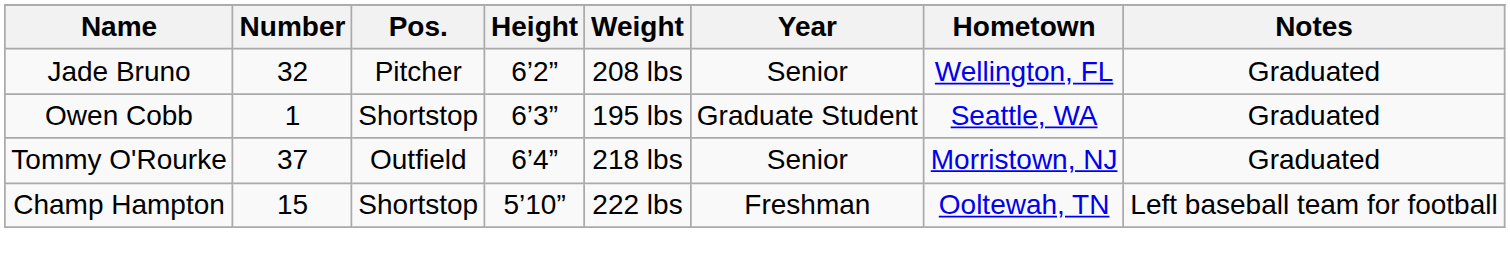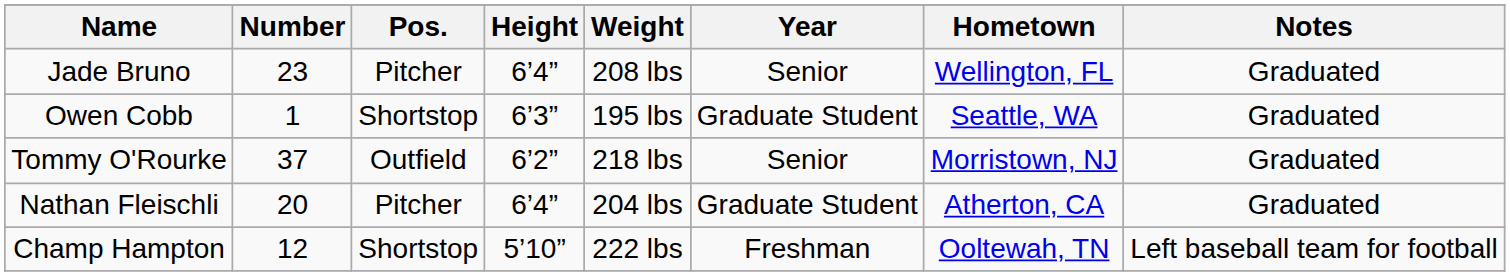 <table class="wikitable sortable">
 <tr>
 </tr>
 <tr>
 <th>Name</th>
 <th>Number</th>
 <th>Pos.</th>
 <th>Height</th>
 <th>Weight</th>
 <th>Year</th>
 <th>Hometown</th>
 <th>Notes</th>
 </tr>
 <tr align="center">
 <td>Jade Bruno</td>
-<td>32</td>
+<td>23</td>
 <td>Pitcher</td>
-<td>6’2”</td>
+<td>6’4”</td>
 <td>208 lbs</td>
 <td>Senior</td>
 <td><a href='#'>Wellington, FL</a></td>
 <td>Graduated</td>
 </tr>
 <tr align="center">
 <td>Owen Cobb</td>
 <td>1</td>
 <td>Shortstop</td>
 <td>6’3”</td>
 <td>195 lbs</td>
 <td>Graduate Student</td>
 <td><a href='#'>Seattle, WA</a></td>
 <td>Graduated</td>
 </tr>
 <tr align="center">
 <td>Tommy O'Rourke</td>
 <td>37</td>
 <td>Outfield</td>
-<td>6’4”</td>
+<td>6’2”</td>
 <td>218 lbs</td>
 <td>Senior</td>
 <td><a href='#'>Morristown, NJ</a></td>
 <td>Graduated</td>
 </tr>
 <tr align="center">
+<td>Nathan Fleischli</td>
+<td>20</td>
+<td>Pitcher</td>
+<td>6’4”</td>
+<td>204 lbs</td>
+<td>Graduate Student</td>
+<td><a href='#'>Atherton, CA</a></td>
+<td>Graduated</td>
+</tr>
+<tr align="center">
 <td>Champ Hampton</td>
-<td>15</td>
+<td>12</td>
 <td>Shortstop</td>
 <td>5’10”</td>
 <td>222 lbs</td>
 <td>Freshman</td>
 <td><a href='#'>Ooltewah, TN</a></td>
 <td>Left baseball team for football</td>
 </tr>
 </table>
